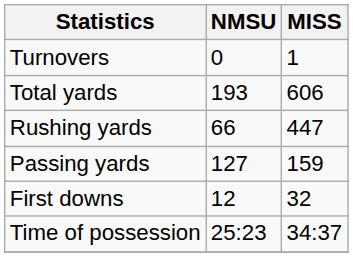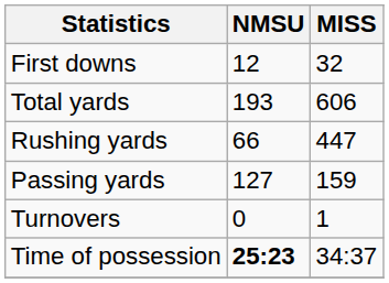 <table class="wikitable">
 <tr>
 <th>Statistics</th>
 <th>NMSU</th>
 <th>MISS</th>
 </tr>
 <tr>
-<td>Turnovers</td>
-<td>0</td>
-<td>1</td>
+<td>First downs</td>
+<td>12</td>
+<td>32</td>
 </tr>
 <tr>
 <td>Total yards</td>
 <td>193</td>
 <td>606</td>
 </tr>
 <tr>
 <td>Rushing yards</td>
 <td>66</td>
 <td>447</td>
 </tr>
 <tr>
 <td>Passing yards</td>
 <td>127</td>
 <td>159</td>
 </tr>
 <tr>
-<td>First downs</td>
-<td>12</td>
-<td>32</td>
+<td>Turnovers</td>
+<td>0</td>
+<td>1</td>
 </tr>
 <tr>
 <td>Time of possession</td>
-<td>25:23</td>
+<td><strong>25:23</strong></td>
 <td>34:37</td>
 </tr>
 <tr>
 </tr>
 </table>
